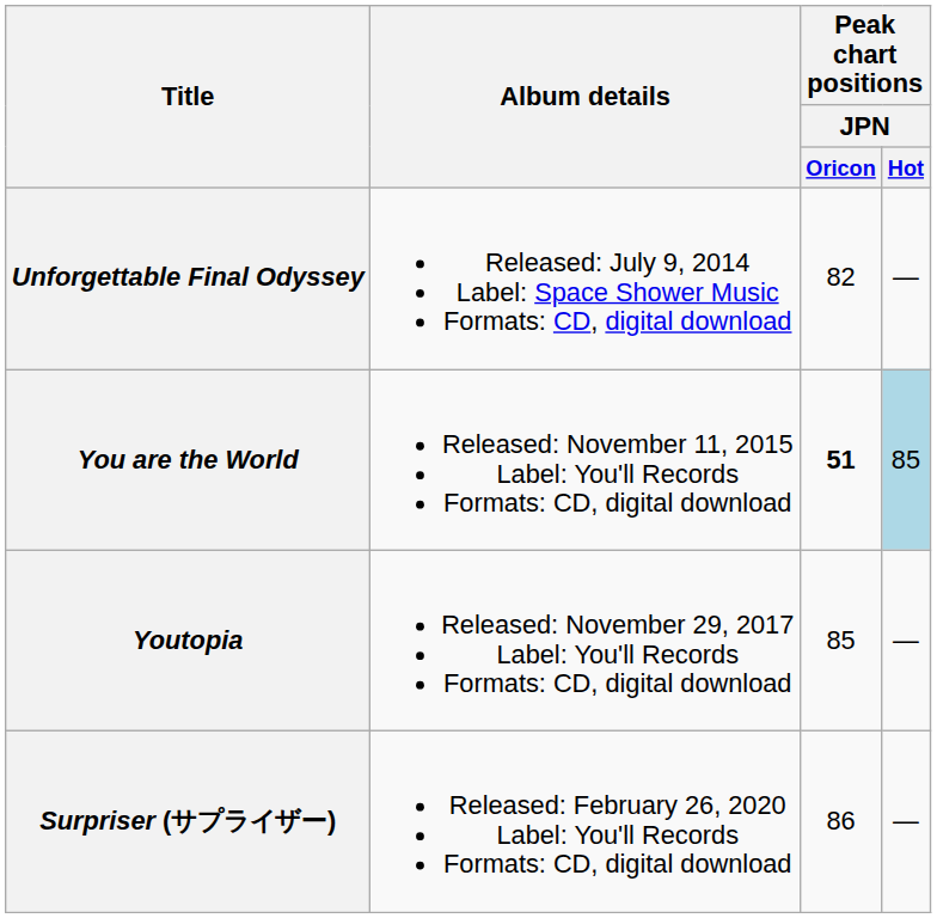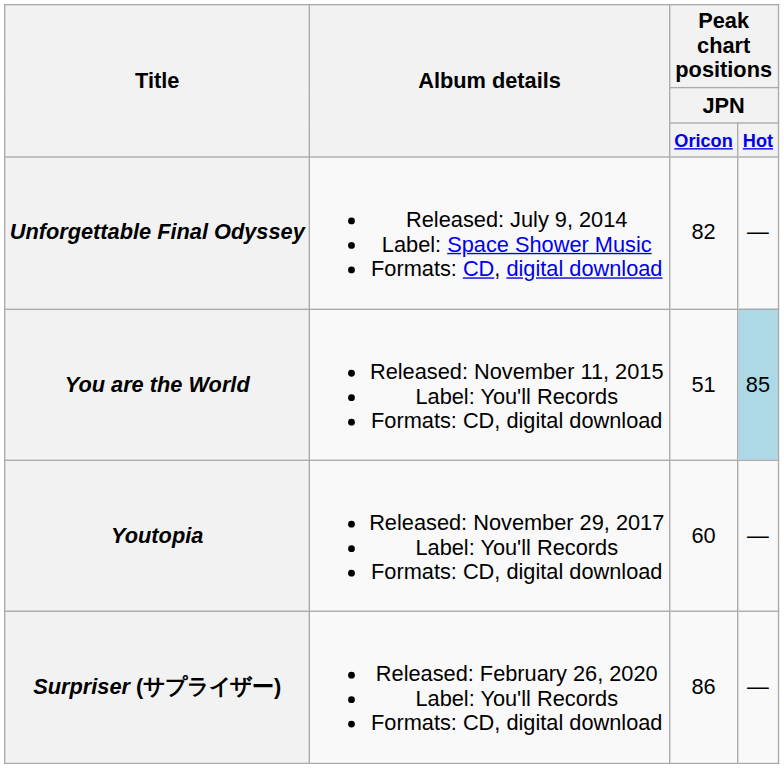 <table class="wikitable plainrowheaders" style="text-align:center;">
 <tr>
 <th scope="col" rowspan="3">Title</th>
 <th scope="col" rowspan="3">Album details</th>
 <th scope="col" colspan="2">Peak <br> chart <br> positions</th>
 </tr>
 <tr>
 <th colspan="2">JPN</th>
 </tr>
 <tr>
 <th scope="col" colspan="1"><small><a href='#'>Oricon</a></small></th>
 <th scope="col" colspan="1"><small><a href='#'>Hot</a></small></th>
 </tr>
 <tr>
 <th scope="row"><em>Unforgettable Final Odyssey</em></th>
 <td><br><ul><li>Released: July 9, 2014</li><li>Label: <a href='#'>Space Shower Music</a></li><li>Formats: <a href='#'>CD</a>, <a href='#'>digital download</a></li></ul></td>
 <td>82</td>
 <td>—</td>
 </tr>
 <tr>
 <th scope="row"><em>You are the World</em></th>
 <td><br><ul><li>Released: November 11, 2015</li><li>Label: You'll Records</li><li>Formats: CD, digital download</li></ul></td>
-<td><strong>51</strong></td>
+<td>51</td>
 <td style="background: lightblue;">85</td>
 </tr>
 <tr>
 <th scope="row"><em>Youtopia</em></th>
 <td><br><ul><li>Released: November 29, 2017</li><li>Label: You'll Records</li><li>Formats: CD, digital download</li></ul></td>
-<td>85</td>
+<td>60</td>
 <td>—</td>
 </tr>
 <tr>
 <th scope="row"><em>Surpriser</em> (サプライザー)</th>
 <td><br><ul><li>Released: February 26, 2020</li><li>Label: You'll Records</li><li>Formats: CD, digital download</li></ul></td>
 <td>86</td>
 <td>—</td>
 </tr>
 <tr>
 </tr>
 </table>
